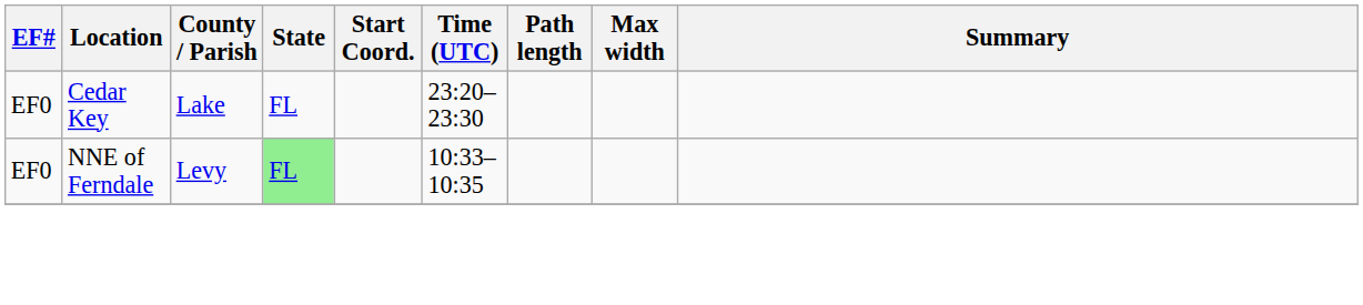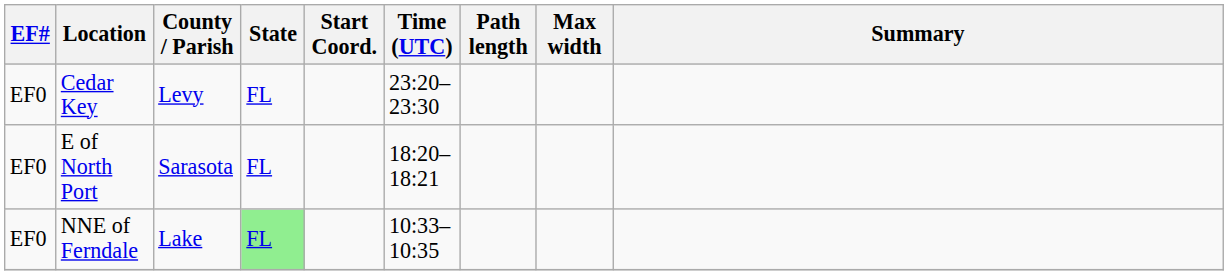 <table class="wikitable sortable" style="width:100%;">
 <tr>
 <th scope="col"  style="width:3%; text-align:center;"><a href='#'>EF#</a></th>
 <th scope="col"  style="width:7%; text-align:center;" class="unsortable">Location</th>
 <th scope="col"  style="width:6%; text-align:center;" class="unsortable">County / Parish</th>
 <th scope="col"  style="width:5%; text-align:center;">State</th>
 <th scope="col"  style="width:6%; text-align:center;">Start Coord.</th>
 <th scope="col"  style="width:6%; text-align:center;">Time (<a href='#'>UTC</a>)</th>
 <th scope="col"  style="width:6%; text-align:center;">Path length</th>
 <th scope="col"  style="width:6%; text-align:center;">Max width</th>
 <th scope="col" class="unsortable" style="width:48%; text-align:center;">Summary</th>
 </tr>
 <tr>
 <td>EF0</td>
 <td><a href='#'>Cedar Key</a></td>
-<td><a href='#'>Lake</a></td>
+<td><a href='#'>Levy</a></td>
 <td><a href='#'>FL</a></td>
 <td></td>
 <td>23:20–23:30</td>
 <td></td>
 <td></td>
 <td></td>
 </tr>
 <tr>
 <td>EF0</td>
+<td>E of <a href='#'>North Port</a></td>
+<td><a href='#'>Sarasota</a></td>
+<td><a href='#'>FL</a></td>
+<td></td>
+<td>18:20–18:21</td>
+<td></td>
+<td></td>
+<td></td>
+</tr>
+<tr>
+<td>EF0</td>
 <td>NNE of <a href='#'>Ferndale</a></td>
-<td><a href='#'>Levy</a></td>
+<td><a href='#'>Lake</a></td>
 <td style="background: lightgreen;"><a href='#'>FL</a></td>
 <td></td>
 <td>10:33–10:35</td>
 <td></td>
 <td></td>
 <td></td>
 </tr>
 <tr>
 </tr>
 </table>
